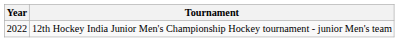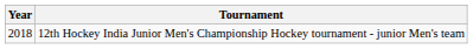 <table class="wikitable">
 <tr>
 <th>Year</th>
 <th>Tournament</th>
 </tr>
 <tr>
-<td>2022</td>
+<td>2018</td>
 <td>12th Hockey India Junior Men's Championship Hockey tournament - junior Men's team</td>
 </tr>
 </table>
